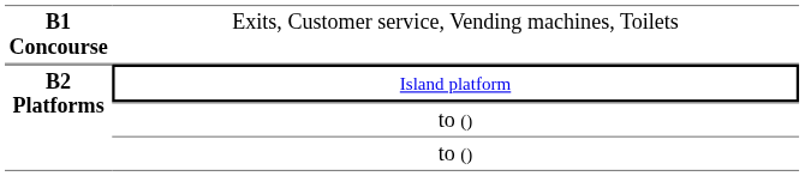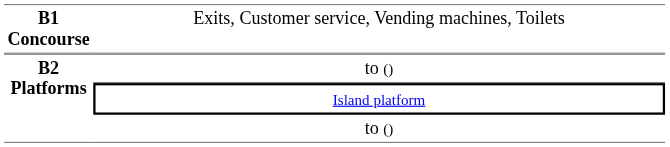 <table table border=0 cellspacing=0 cellpadding=3>
 <tr>
 <td style="border-bottom:solid 1px gray;border-top:solid 1px gray;text-align:center" valign=top width=50><strong>B1<br>Concourse</strong></td>
 <td style="border-bottom:solid 1px gray; border-top:solid 1px gray;text-align:center" valign=top width=500>Exits, Customer service, Vending machines, Toilets</td>
 </tr>
 <tr>
 <td style="border-bottom:solid 1px gray; border-top:solid 1px gray;text-align:center" rowspan="3" valign=top><strong>B2<br>Platforms</strong></td>
-<td style="border-right:solid 2px black;border-left:solid 2px black;border-top:solid 2px black;border-bottom:solid 2px black;text-align:center;"><small><a href='#'>Island platform</a></small></td>
+<td style="border-bottom:solid 1px gray;border-top:solid 1px gray;text-align:center;">  to  <small>()</small></td>
 </tr>
 <tr>
-<td style="border-bottom:solid 1px gray;border-top:solid 1px gray;text-align:center;">  to  <small>()</small></td>
+<td style="border-right:solid 2px black;border-left:solid 2px black;border-top:solid 2px black;border-bottom:solid 2px black;text-align:center;"><small><a href='#'>Island platform</a></small></td>
 </tr>
 <tr>
 <td style="border-bottom:solid 1px gray;text-align:center;"> to  <small>()</small> </td>
 </tr>
 </table>
